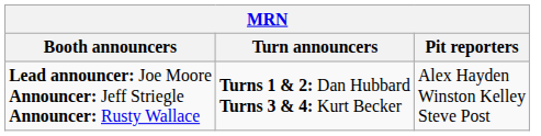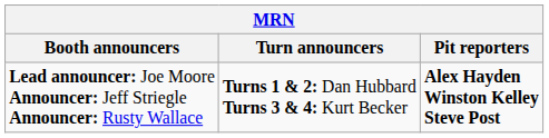 <table class="wikitable" style="font-size: 95%">
 <tr>
 <th colspan="3"><a href='#'>MRN</a></th>
 </tr>
 <tr>
 <th>Booth announcers</th>
 <th>Turn announcers</th>
 <th>Pit reporters</th>
 </tr>
 <tr>
 <td><strong>Lead announcer:</strong> Joe Moore<br><strong>Announcer:</strong> Jeff Striegle<br><strong>Announcer:</strong> <a href='#'>Rusty Wallace</a></td>
 <td><strong>Turns 1 & 2:</strong> Dan Hubbard<br><strong>Turns 3 & 4:</strong> Kurt Becker</td>
-<td>Alex Hayden<br>Winston Kelley<br>Steve Post</td>
+<td><strong>Alex Hayden<br>Winston Kelley<br>Steve Post</strong></td>
 </tr>
 </table>
